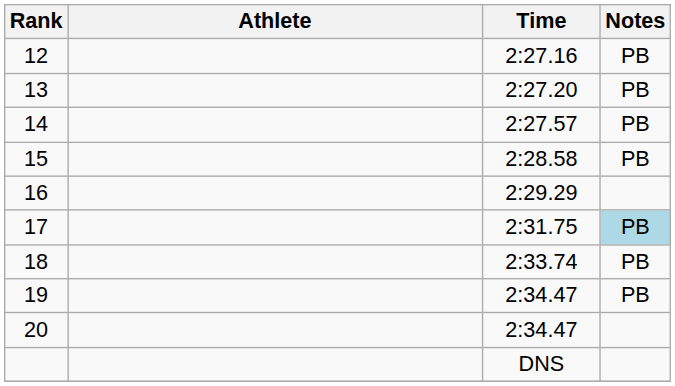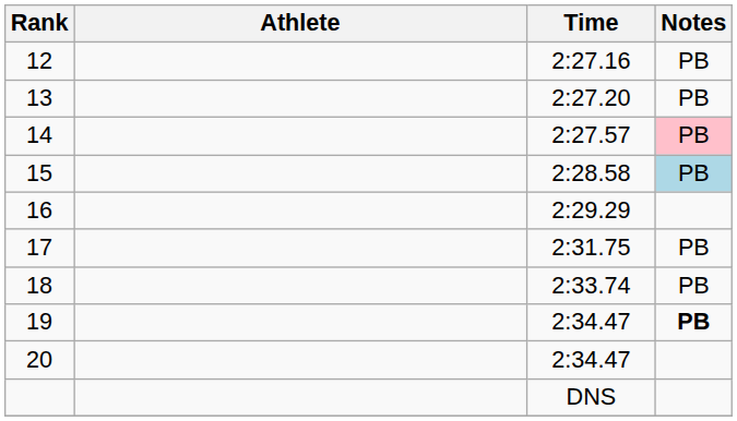 <table class="wikitable" style="text-align:center">
 <tr>
 <th>Rank</th>
 <th width=300>Athlete</th>
 <th width=80>Time</th>
 <th>Notes</th>
 </tr>
 <tr>
 <td>12</td>
 <td align=left></td>
 <td>2:27.16</td>
 <td>PB</td>
 </tr>
 <tr>
 <td>13</td>
 <td align=left></td>
 <td>2:27.20</td>
 <td>PB</td>
 </tr>
 <tr>
 <td>14</td>
 <td align=left></td>
 <td>2:27.57</td>
-<td>PB</td>
+<td style="background: pink;">PB</td>
 </tr>
 <tr>
 <td>15</td>
 <td align=left></td>
 <td>2:28.58</td>
-<td>PB</td>
+<td style="background: lightblue;">PB</td>
 </tr>
 <tr>
 <td>16</td>
 <td align=left></td>
 <td>2:29.29</td>
 <td></td>
 </tr>
 <tr>
 <td>17</td>
 <td align=left></td>
 <td>2:31.75</td>
-<td style="background: lightblue;">PB</td>
+<td>PB</td>
 </tr>
 <tr>
 <td>18</td>
 <td align=left></td>
 <td>2:33.74</td>
 <td>PB</td>
 </tr>
 <tr>
 <td>19</td>
 <td align=left></td>
 <td>2:34.47</td>
-<td>PB</td>
+<td><strong>PB</strong></td>
 </tr>
 <tr>
 <td>20</td>
 <td align=left></td>
 <td>2:34.47</td>
 <td></td>
 </tr>
 <tr>
 <td></td>
 <td align=left></td>
 <td>DNS</td>
 <td></td>
 </tr>
 <tr>
 </tr>
 </table>
